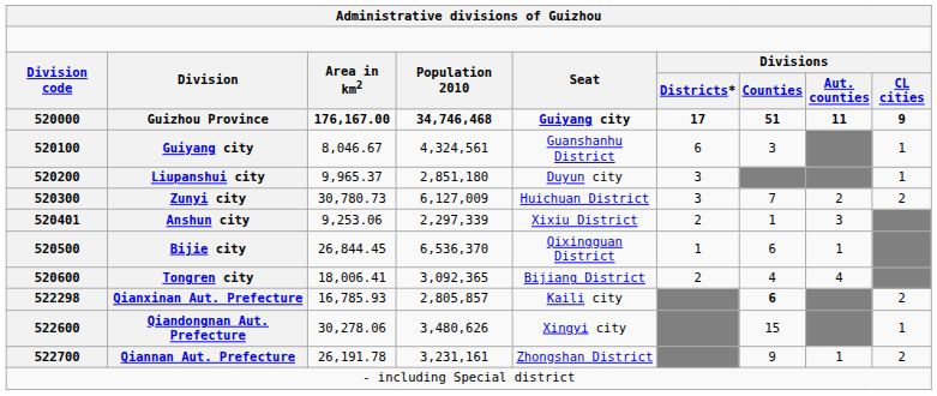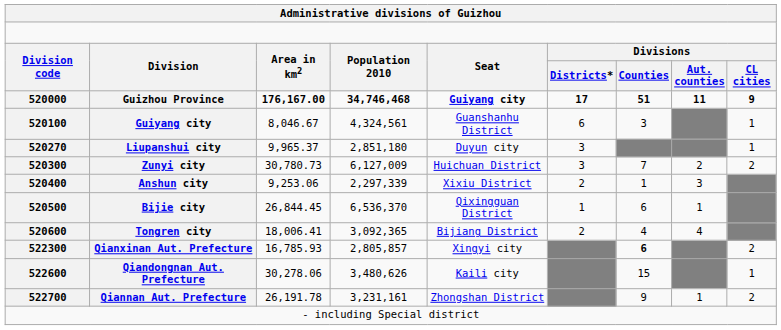 <table class="wikitable" style="margin:1em auto 1em auto; width:90%; font-size:smaller; text-align:center">
 <tr>
 <th colspan="9"><strong>Administrative divisions of Guizhou</strong></th>
 </tr>
 <tr>
 <td colspan="9" style="font-size:larger"><div><br>            </div></td>
 </tr>
 <tr>
 <th ! scope="col" rowspan="2"><a href='#'>Division code</a></th>
 <th ! scope="col" rowspan="2">Division</th>
 <th ! scope="col" rowspan="2">Area in km<sup>2</sup></th>
 <th ! scope="col" rowspan="2">Population 2010</th>
 <th ! scope="col" rowspan="2">Seat</th>
 <th ! scope="col" colspan="4">Divisions</th>
 </tr>
 <tr>
 <th ! scope="col" width="45"><a href='#'>Districts</a>*</th>
 <th ! scope="col" width="45"><a href='#'>Counties</a></th>
 <th ! scope="col" width="45"><a href='#'>Aut. counties</a></th>
 <th ! scope="col" width="45"><a href='#'>CL cities</a></th>
 </tr>
 <tr style="font-weight: bold">
 <th>520000</th>
 <th>Guizhou Province</th>
 <td>176,167.00</td>
 <td>34,746,468</td>
 <td><a href='#'>Guiyang</a> city</td>
 <td>17</td>
 <td>51</td>
 <td>11</td>
 <td>9</td>
 </tr>
 <tr>
 <th>520100</th>
 <th><a href='#'>Guiyang</a> city</th>
 <td>8,046.67</td>
 <td>4,324,561</td>
 <td><a href='#'>Guanshanhu District</a></td>
 <td>6</td>
 <td>3</td>
 <td bgcolor="grey"></td>
 <td>1</td>
 </tr>
 <tr>
-<th>520200</th>
+<th>520270</th>
 <th><a href='#'>Liupanshui</a> city</th>
 <td>9,965.37</td>
 <td>2,851,180</td>
 <td><a href='#'>Duyun</a> city</td>
 <td>3</td>
 <td bgcolor="grey"></td>
 <td bgcolor="grey"></td>
 <td>1</td>
 </tr>
 <tr>
 <th>520300</th>
 <th><a href='#'>Zunyi</a> city</th>
 <td>30,780.73</td>
 <td>6,127,009</td>
 <td><a href='#'>Huichuan District</a></td>
 <td>3</td>
 <td>7</td>
 <td>2</td>
 <td>2</td>
 </tr>
 <tr>
-<th>520401</th>
+<th>520400</th>
 <th><a href='#'>Anshun</a> city</th>
 <td>9,253.06</td>
 <td>2,297,339</td>
 <td><a href='#'>Xixiu District</a></td>
 <td>2</td>
 <td>1</td>
 <td>3</td>
 <td bgcolor="grey"></td>
 </tr>
 <tr>
 <th>520500</th>
 <th><a href='#'>Bijie</a> city</th>
 <td>26,844.45</td>
 <td>6,536,370</td>
 <td><a href='#'>Qixingguan District</a></td>
 <td>1</td>
 <td>6</td>
 <td>1</td>
 <td bgcolor="grey"></td>
 </tr>
 <tr>
 <th>520600</th>
 <th><a href='#'>Tongren</a> city</th>
 <td>18,006.41</td>
 <td>3,092,365</td>
 <td><a href='#'>Bijiang District</a></td>
 <td>2</td>
 <td>4</td>
 <td>4</td>
 <td bgcolor="grey"></td>
 </tr>
 <tr>
-<th>522298</th>
+<th>522300</th>
 <th><a href='#'>Qianxinan Aut. Prefecture</a></th>
 <td>16,785.93</td>
 <td>2,805,857</td>
-<td><a href='#'>Kaili</a> city</td>
+<td><a href='#'>Xingyi</a> city</td>
 <td bgcolor="grey"></td>
 <td><strong>6</strong></td>
 <td bgcolor="grey"></td>
 <td>2</td>
 </tr>
 <tr>
 <th>522600</th>
 <th><a href='#'>Qiandongnan Aut. Prefecture</a></th>
 <td>30,278.06</td>
 <td>3,480,626</td>
-<td><a href='#'>Xingyi</a> city</td>
+<td><a href='#'>Kaili</a> city</td>
 <td bgcolor="grey"></td>
 <td>15</td>
 <td bgcolor="grey"></td>
 <td>1</td>
 </tr>
 <tr>
 <th>522700</th>
 <th><a href='#'>Qiannan Aut. Prefecture</a></th>
 <td>26,191.78</td>
 <td>3,231,161</td>
 <td><a href='#'>Zhongshan District</a></td>
 <td bgcolor="grey"></td>
 <td>9</td>
 <td>1</td>
 <td>2</td>
 </tr>
 <tr>
 <td colspan = "13"> - including Special district</td>
 </tr>
 </table>
